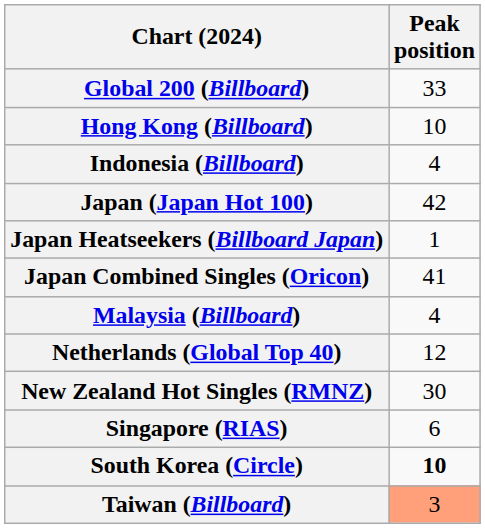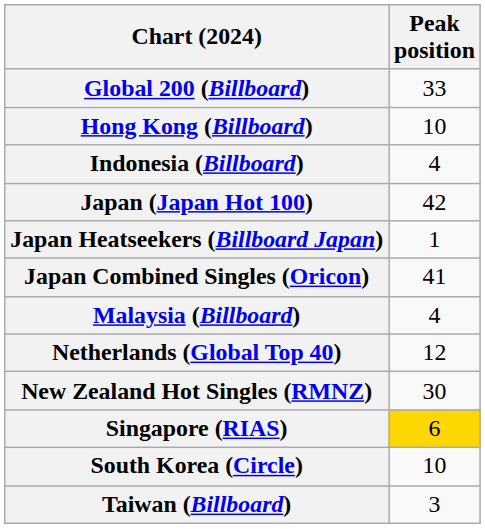 <table class="wikitable plainrowheaders sortable" style="text-align:center">
 <tr>
 <th scope="col">Chart (2024)</th>
 <th scope="col">Peak<br>position</th>
 </tr>
 <tr>
 <th scope="row"><a href='#'>Global 200</a> (<em><a href='#'>Billboard</a></em>)</th>
 <td>33</td>
 </tr>
 <tr>
 <th scope="row"><a href='#'>Hong Kong</a> (<em><a href='#'>Billboard</a></em>)</th>
 <td>10</td>
 </tr>
 <tr>
 <th scope="row">Indonesia (<em><a href='#'>Billboard</a></em>)</th>
 <td>4</td>
 </tr>
 <tr>
 <th scope="row">Japan (<a href='#'>Japan Hot 100</a>)</th>
 <td>42</td>
 </tr>
 <tr>
 <th scope="row">Japan Heatseekers (<em><a href='#'>Billboard Japan</a></em>)</th>
 <td>1</td>
 </tr>
 <tr>
 <th scope="row">Japan Combined Singles (<a href='#'>Oricon</a>)</th>
 <td>41</td>
 </tr>
 <tr>
 <th scope="row"><a href='#'>Malaysia</a> (<em><a href='#'>Billboard</a></em>)</th>
 <td>4</td>
 </tr>
 <tr>
 <th scope="row">Netherlands (<a href='#'>Global Top 40</a>)</th>
 <td>12</td>
 </tr>
 <tr>
 <th scope="row">New Zealand Hot Singles (<a href='#'>RMNZ</a>)</th>
 <td>30</td>
 </tr>
 <tr>
 <th scope="row">Singapore (<a href='#'>RIAS</a>)</th>
-<td>6</td>
+<td style="background: gold;">6</td>
 </tr>
 <tr>
 <th scope="row">South Korea (<a href='#'>Circle</a>)</th>
-<td><strong>10</strong></td>
+<td>10</td>
 </tr>
 <tr>
 <th scope="row">Taiwan (<em><a href='#'>Billboard</a></em>)</th>
-<td style="background: lightsalmon;">3</td>
+<td>3</td>
 </tr>
 </table>
